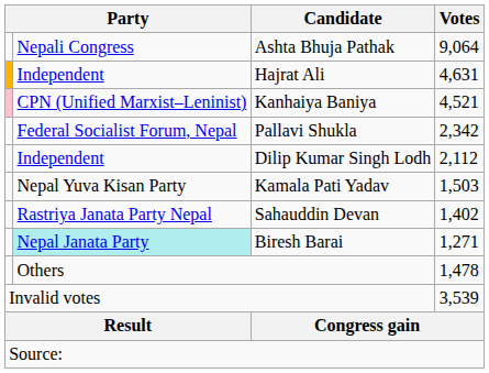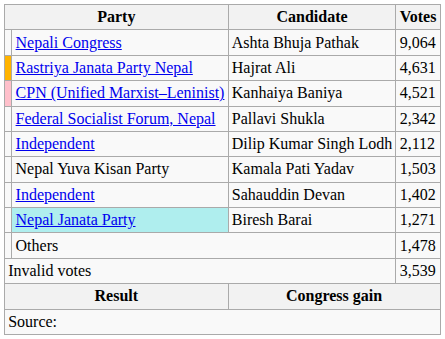 <table class="wikitable">
 <tr>
 <th colspan="2">Party</th>
 <th>Candidate</th>
 <th>Votes</th>
 </tr>
 <tr>
 <td style="background-color:"></td>
 <td><a href='#'>Nepali Congress</a></td>
 <td>Ashta Bhuja Pathak</td>
 <td>9,064</td>
 </tr>
 <tr>
 <td style="background-color:#ffb300"></td>
-<td><a href='#'>Independent</a></td>
+<td><a href='#'>Rastriya Janata Party Nepal</a></td>
 <td>Hajrat Ali</td>
 <td>4,631</td>
 </tr>
 <tr>
 <td style="background-color:pink"></td>
 <td><a href='#'>CPN (Unified Marxist–Leninist)</a></td>
 <td>Kanhaiya Baniya</td>
 <td>4,521</td>
 </tr>
 <tr>
 <td style="background-color:"></td>
 <td><a href='#'>Federal Socialist Forum, Nepal</a></td>
 <td>Pallavi Shukla</td>
 <td>2,342</td>
 </tr>
 <tr>
 <td style="background-color:"></td>
 <td><a href='#'>Independent</a></td>
 <td>Dilip Kumar Singh Lodh</td>
 <td>2,112</td>
 </tr>
 <tr>
 <td></td>
 <td>Nepal Yuva Kisan Party</td>
 <td>Kamala Pati Yadav</td>
 <td>1,503</td>
 </tr>
 <tr>
 <td style="background-color:"></td>
-<td><a href='#'>Rastriya Janata Party Nepal</a></td>
+<td><a href='#'>Independent</a></td>
 <td>Sahauddin Devan</td>
 <td>1,402</td>
 </tr>
 <tr>
 <td></td>
 <td style="background: paleturquoise;"><a href='#'>Nepal Janata Party</a></td>
 <td>Biresh Barai</td>
 <td>1,271</td>
 </tr>
 <tr>
 <td></td>
 <td colspan="2">Others</td>
 <td>1,478</td>
 </tr>
 <tr>
 <td colspan="3">Invalid votes</td>
 <td>3,539</td>
 </tr>
 <tr>
 <th colspan="2">Result</th>
 <th colspan="2">Congress gain</th>
 </tr>
 <tr>
 <td colspan="4">Source: </td>
 </tr>
 </table>
